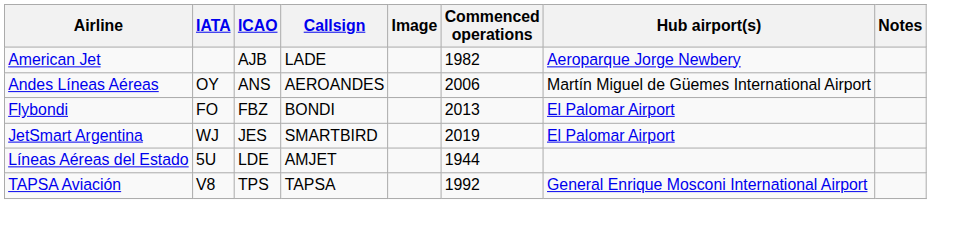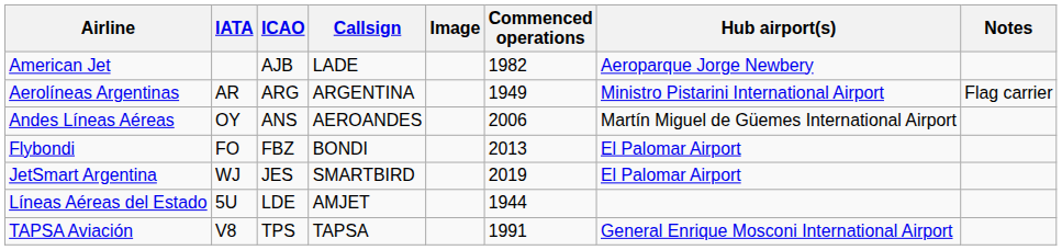 <table class="wikitable sortable" style="border: 0; cellpadding: 2; cellspacing: 3;">
 <tr valign="middle">
 <th>Airline</th>
 <th><a href='#'>IATA</a></th>
 <th><a href='#'>ICAO</a></th>
 <th><a href='#'>Callsign</a></th>
 <th>Image</th>
 <th>Commenced <br> operations</th>
 <th>Hub airport(s)</th>
 <th class="unsortable">Notes</th>
 </tr>
 <tr>
 <td><a href='#'>American Jet</a></td>
 <td></td>
 <td>AJB</td>
 <td>LADE</td>
 <td></td>
 <td>1982</td>
 <td><a href='#'>Aeroparque Jorge Newbery</a></td>
 <td></td>
+</tr>
+<tr>
+<td><a href='#'>Aerolíneas Argentinas</a></td>
+<td>AR</td>
+<td>ARG</td>
+<td>ARGENTINA</td>
+<td></td>
+<td>1949</td>
+<td><a href='#'>Ministro Pistarini International Airport</a></td>
+<td>Flag carrier</td>
 </tr>
 <tr>
 <td><a href='#'>Andes Líneas Aéreas</a></td>
 <td>OY</td>
 <td>ANS</td>
 <td>AEROANDES</td>
 <td></td>
 <td>2006</td>
 <td>Martín Miguel de Güemes International Airport</td>
 <td></td>
 </tr>
 <tr>
 <td><a href='#'>Flybondi</a></td>
 <td>FO</td>
 <td>FBZ</td>
 <td>BONDI</td>
 <td></td>
 <td>2013</td>
 <td><a href='#'>El Palomar Airport</a></td>
 <td></td>
 </tr>
 <tr>
 <td><a href='#'>JetSmart Argentina</a></td>
 <td>WJ</td>
 <td>JES</td>
 <td>SMARTBIRD</td>
 <td></td>
 <td>2019</td>
 <td><a href='#'>El Palomar Airport</a></td>
 <td></td>
 </tr>
 <tr>
 <td><a href='#'>Líneas Aéreas del Estado</a></td>
 <td>5U</td>
 <td>LDE</td>
 <td>AMJET</td>
 <td></td>
 <td>1944</td>
 <td></td>
 <td></td>
 </tr>
 <tr>
 <td><a href='#'>TAPSA Aviación</a></td>
 <td>V8</td>
 <td>TPS</td>
 <td>TAPSA</td>
 <td></td>
-<td>1992</td>
+<td>1991</td>
 <td><a href='#'>General Enrique Mosconi International Airport</a></td>
 <td></td>
 </tr>
 </table>
